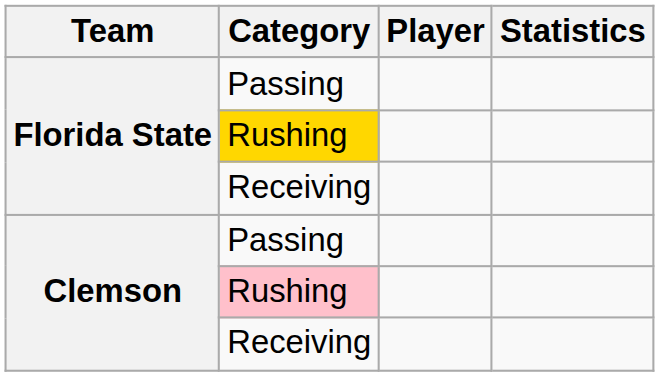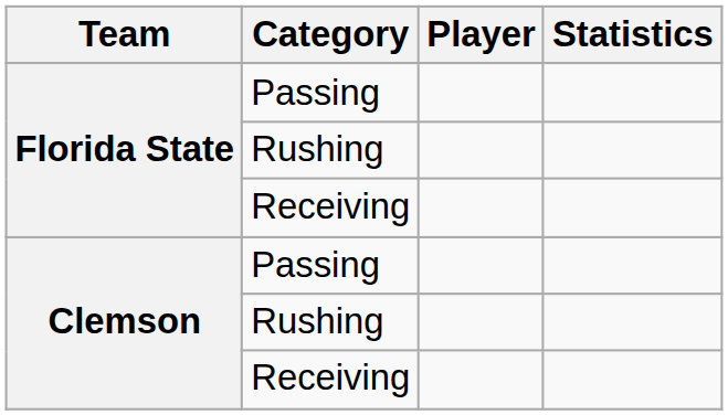 <table class="wikitable" style="float:right">
 <tr>
 <th>Team</th>
 <th>Category</th>
 <th>Player</th>
 <th>Statistics</th>
 </tr>
 <tr>
 <th rowspan=3>Florida State</th>
 <td>Passing</td>
 <td></td>
 <td></td>
 </tr>
 <tr>
-<td style="background: gold;">Rushing</td>
+<td>Rushing</td>
 <td></td>
 <td></td>
 </tr>
 <tr>
 <td>Receiving</td>
 <td></td>
 <td></td>
 </tr>
 <tr>
 <th rowspan=3>Clemson</th>
 <td>Passing</td>
 <td></td>
 <td></td>
 </tr>
 <tr>
-<td style="background: pink;">Rushing</td>
+<td>Rushing</td>
 <td></td>
 <td></td>
 </tr>
 <tr>
 <td>Receiving</td>
 <td></td>
 <td></td>
 </tr>
 </table>
